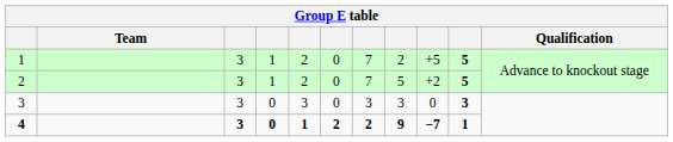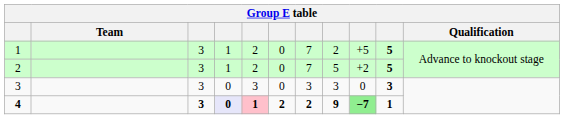 <table class="wikitable" style="text-align:center">
 <tr>
 <th colspan="11"><a href='#'>Group E</a> table</th>
 </tr>
 <tr>
 <th width="30"></th>
 <th width="210">Team</th>
 <th width="30"></th>
 <th width="30"></th>
 <th width="30"></th>
 <th width="30"></th>
 <th width="30"></th>
 <th width="30"></th>
 <th width="30"></th>
 <th width="30"></th>
 <th width="210">Qualification</th>
 </tr>
 <tr bgcolor="#ccffcc">
 <td>1</td>
 <td align="left"></td>
 <td>3</td>
 <td>1</td>
 <td>2</td>
 <td>0</td>
 <td>7</td>
 <td>2</td>
 <td>+5</td>
 <td><strong>5</strong></td>
 <td rowspan="2">Advance to knockout stage</td>
 </tr>
 <tr bgcolor="#ccffcc">
 <td>2</td>
 <td align="left"></td>
 <td>3</td>
 <td>1</td>
 <td>2</td>
 <td>0</td>
 <td>7</td>
 <td>5</td>
 <td>+2</td>
 <td><strong>5</strong></td>
 </tr>
 <tr>
 <td>3</td>
 <td align="left"></td>
 <td>3</td>
 <td>0</td>
 <td>3</td>
 <td>0</td>
 <td>3</td>
 <td>3</td>
 <td>0</td>
 <td><strong>3</strong></td>
 <td rowspan="2"></td>
 </tr>
 <tr>
 <td><strong>4</strong></td>
 <td align="left"><strong></strong></td>
 <td><strong>3</strong></td>
-<td><strong>0</strong></td>
-<td><strong>1</strong></td>
+<td style="background: lavender;"><strong>0</strong></td>
+<td style="background: pink;"><strong>1</strong></td>
 <td><strong>2</strong></td>
 <td><strong>2</strong></td>
 <td><strong>9</strong></td>
-<td><strong>−7</strong></td>
+<td style="background: lightgreen;"><strong>−7</strong></td>
 <td><strong>1</strong></td>
 </tr>
 </table>
